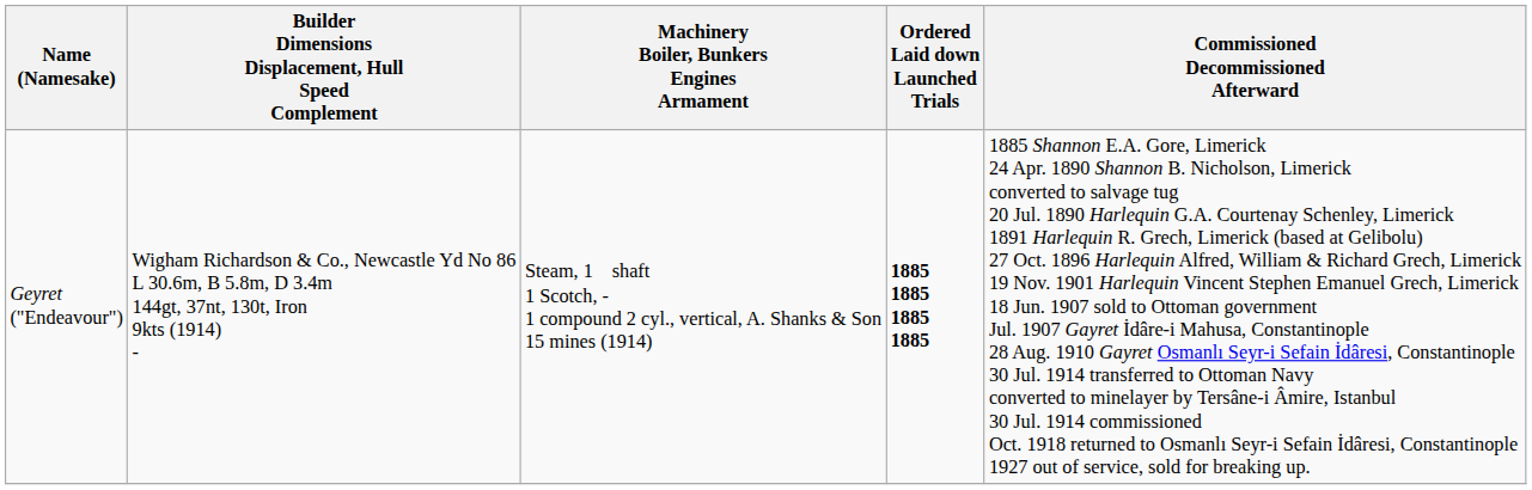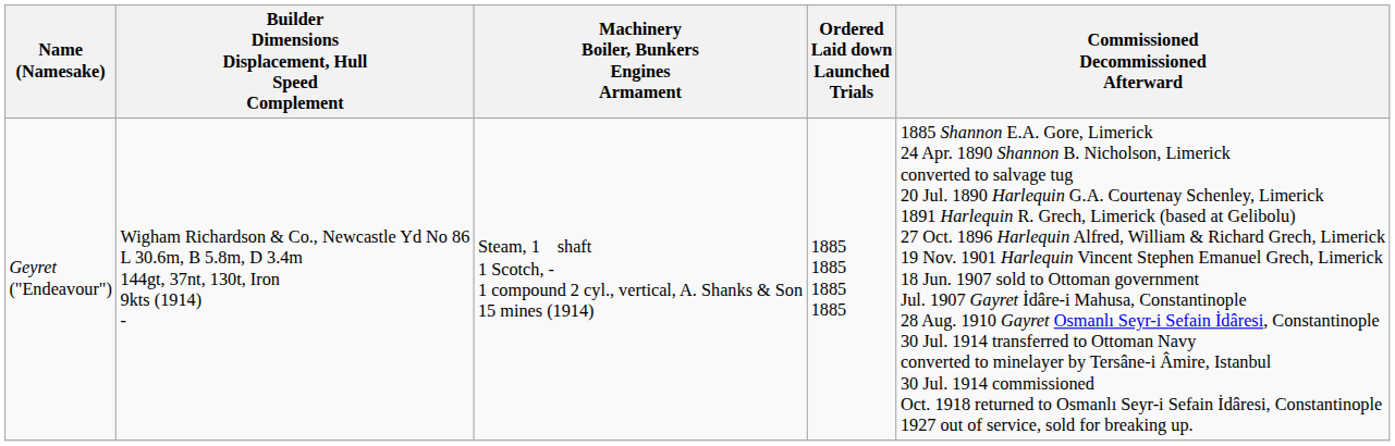 <table class="wikitable" style="font-size:90%;">
 <tr bgcolor="#e6e9ff">
 <th>Name<br>(Namesake)</th>
 <th>Builder<br>Dimensions<br>Displacement, Hull<br>Speed<br>Complement</th>
 <th>Machinery<br>Boiler, Bunkers<br>Engines<br>Armament</th>
 <th>Ordered<br>Laid down<br>Launched<br>Trials</th>
 <th>Commissioned<br>Decommissioned<br>Afterward</th>
 </tr>
 <tr ---->
 <td><em>Geyret</em><br>("Endeavour")</td>
 <td> Wigham Richardson & Co., Newcastle Yd No 86<br>L 30.6m, B 5.8m, D 3.4m<br>144gt, 37nt, 130t, Iron<br>9kts (1914)<br>-</td>
 <td>Steam, 1　shaft<br>1 Scotch, -<br>1 compound 2 cyl., vertical, A. Shanks & Son<br>15 mines (1914)</td>
-<td><strong>1885<br>1885<br>1885<br>1885</strong></td>
+<td>1885<br>1885<br>1885<br>1885</td>
 <td>1885 <em>Shannon</em> E.A. Gore, Limerick<br>24 Apr. 1890 <em>Shannon</em> B. Nicholson, Limerick<br>converted to salvage tug<br>20 Jul. 1890 <em>Harlequin</em> G.A. Courtenay Schenley, Limerick<br>1891 <em>Harlequin</em> R. Grech, Limerick (based at Gelibolu)<br>27 Oct. 1896 <em>Harlequin</em> Alfred, William & Richard Grech, Limerick<br>19 Nov. 1901 <em>Harlequin</em> Vincent Stephen Emanuel Grech, Limerick<br>18 Jun. 1907 sold to Ottoman government<br>Jul. 1907 <em>Gayret</em> İdâre-i Mahusa, Constantinople<br>28 Aug. 1910 <em>Gayret</em> <a href='#'>Osmanlı Seyr-i Sefain İdâresi</a>, Constantinople<br>30 Jul. 1914 transferred to Ottoman Navy<br>converted to minelayer by Tersâne-i Âmire, Istanbul<br>30 Jul. 1914 commissioned<br>Oct. 1918 returned to Osmanlı Seyr-i Sefain İdâresi, Constantinople<br>1927 out of service, sold for breaking up.</td>
 </tr>
 <tr ---->
 </tr>
 </table>
